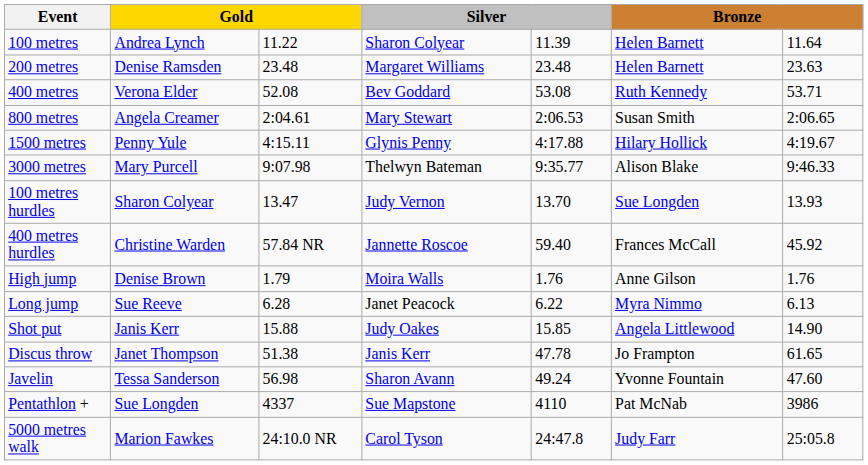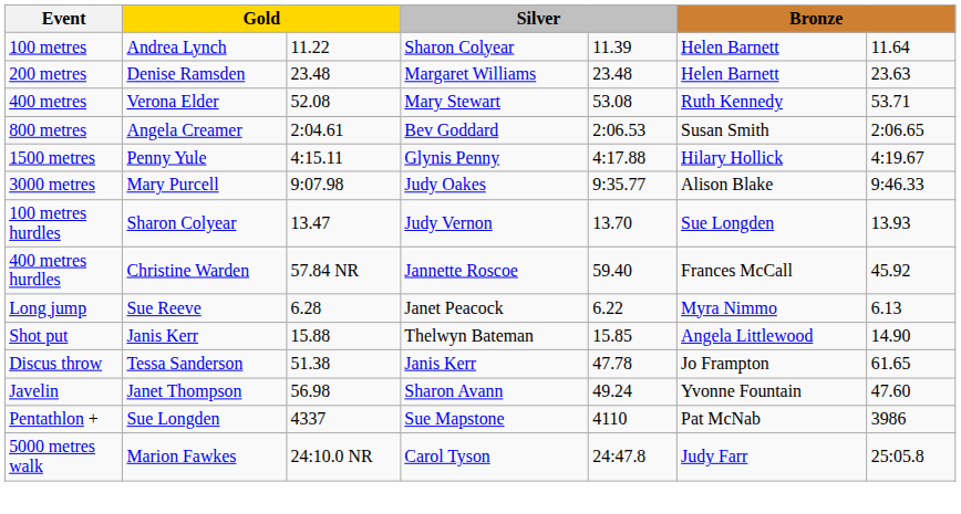 <table class="wikitable" style="text-align:left">
 <tr>
 <th width=100>Event</th>
 <th colspan="2" width="280" style="background:gold;">Gold</th>
 <th colspan="2" width="280" style="background:silver;">Silver</th>
 <th colspan="2" width="280" style="background:#CD7F32;">Bronze</th>
 </tr>
 <tr>
 <td><a href='#'>100 metres</a></td>
 <td><a href='#'>Andrea Lynch</a></td>
 <td>11.22</td>
 <td><a href='#'>Sharon Colyear</a></td>
 <td>11.39</td>
 <td><a href='#'>Helen Barnett</a></td>
 <td>11.64</td>
 </tr>
 <tr>
 <td><a href='#'>200 metres</a></td>
 <td><a href='#'>Denise Ramsden</a></td>
 <td>23.48</td>
 <td><a href='#'>Margaret Williams</a></td>
 <td>23.48</td>
 <td><a href='#'>Helen Barnett</a></td>
 <td>23.63</td>
 </tr>
 <tr>
 <td><a href='#'>400 metres</a></td>
 <td><a href='#'>Verona Elder</a></td>
 <td>52.08</td>
-<td><a href='#'>Bev Goddard</a></td>
+<td><a href='#'>Mary Stewart</a></td>
 <td>53.08</td>
 <td><a href='#'>Ruth Kennedy</a></td>
 <td>53.71</td>
 </tr>
 <tr>
 <td><a href='#'>800 metres</a></td>
 <td><a href='#'>Angela Creamer</a></td>
 <td>2:04.61</td>
-<td><a href='#'>Mary Stewart</a></td>
+<td><a href='#'>Bev Goddard</a></td>
 <td>2:06.53</td>
 <td>Susan Smith</td>
 <td>2:06.65</td>
 </tr>
 <tr>
 <td><a href='#'>1500 metres</a></td>
 <td><a href='#'>Penny Yule</a></td>
 <td>4:15.11</td>
 <td><a href='#'>Glynis Penny</a></td>
 <td>4:17.88</td>
 <td> <a href='#'>Hilary Hollick</a></td>
 <td>4:19.67</td>
 </tr>
 <tr>
 <td><a href='#'>3000 metres</a></td>
 <td> <a href='#'>Mary Purcell</a></td>
 <td>9:07.98</td>
-<td>Thelwyn Bateman</td>
+<td><a href='#'>Judy Oakes</a></td>
 <td>9:35.77</td>
 <td>Alison Blake</td>
 <td>9:46.33</td>
 </tr>
 <tr>
 <td><a href='#'>100 metres hurdles</a></td>
 <td><a href='#'>Sharon Colyear</a></td>
 <td>13.47</td>
 <td><a href='#'>Judy Vernon</a></td>
 <td>13.70</td>
 <td><a href='#'>Sue Longden</a></td>
 <td>13.93</td>
 </tr>
 <tr>
 <td><a href='#'>400 metres hurdles</a></td>
 <td><a href='#'>Christine Warden</a></td>
 <td>57.84 NR</td>
 <td><a href='#'>Jannette Roscoe</a></td>
 <td>59.40</td>
 <td>Frances McCall</td>
 <td>45.92</td>
 </tr>
 <tr>
-<td><a href='#'>High jump</a></td>
-<td><a href='#'>Denise Brown</a></td>
-<td>1.79</td>
-<td> <a href='#'>Moira Walls</a></td>
-<td>1.76</td>
-<td>Anne Gilson</td>
-<td>1.76</td>
-</tr>
-<tr>
 <td><a href='#'>Long jump</a></td>
 <td><a href='#'>Sue Reeve</a></td>
 <td>6.28</td>
 <td>Janet Peacock</td>
 <td>6.22</td>
 <td> <a href='#'>Myra Nimmo</a></td>
 <td>6.13</td>
 </tr>
 <tr>
 <td><a href='#'>Shot put</a></td>
 <td><a href='#'>Janis Kerr</a></td>
 <td>15.88</td>
-<td><a href='#'>Judy Oakes</a></td>
+<td>Thelwyn Bateman</td>
 <td>15.85</td>
 <td><a href='#'>Angela Littlewood</a></td>
 <td>14.90</td>
 </tr>
 <tr>
 <td><a href='#'>Discus throw</a></td>
-<td><a href='#'>Janet Thompson</a></td>
+<td><a href='#'>Tessa Sanderson</a></td>
 <td>51.38</td>
 <td><a href='#'>Janis Kerr</a></td>
 <td>47.78</td>
 <td>Jo Frampton</td>
 <td>61.65</td>
 </tr>
 <tr>
 <td><a href='#'>Javelin</a></td>
-<td><a href='#'>Tessa Sanderson</a></td>
+<td><a href='#'>Janet Thompson</a></td>
 <td>56.98</td>
 <td><a href='#'>Sharon Avann</a></td>
 <td>49.24</td>
 <td>Yvonne Fountain</td>
 <td>47.60</td>
 </tr>
 <tr>
 <td><a href='#'>Pentathlon</a> +</td>
 <td><a href='#'>Sue Longden</a></td>
 <td>4337</td>
 <td><a href='#'>Sue Mapstone</a></td>
 <td>4110</td>
 <td>Pat McNab</td>
 <td>3986</td>
 </tr>
 <tr>
 <td><a href='#'>5000 metres walk</a></td>
 <td><a href='#'>Marion Fawkes</a></td>
 <td>24:10.0 NR</td>
 <td><a href='#'>Carol Tyson</a></td>
 <td>24:47.8</td>
 <td><a href='#'>Judy Farr</a></td>
 <td>25:05.8</td>
 </tr>
 </table>
